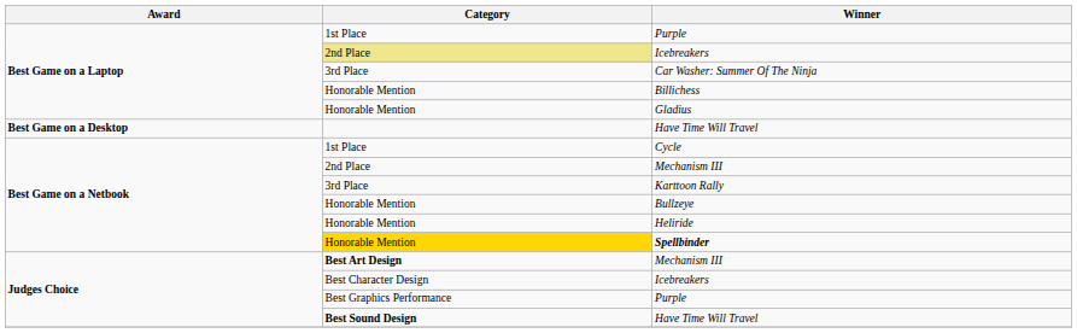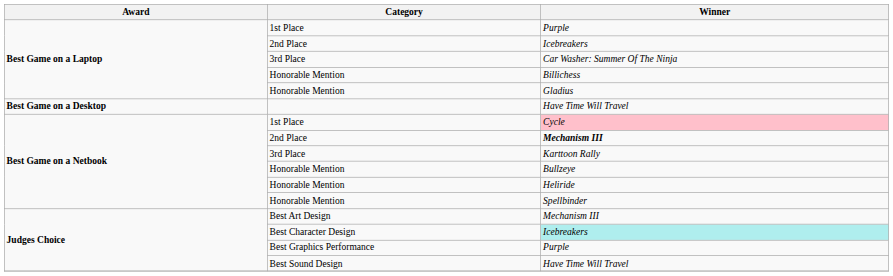 <table class="wikitable" style="font-size:85%;width:100%;">
 <tr>
 <th><strong>Award</strong></th>
 <th><strong>Category</strong></th>
 <th><strong>Winner</strong></th>
 </tr>
 <tr>
 <td rowspan="5"><strong>Best Game on a Laptop</strong></td>
 <td>1st Place</td>
 <td><em>Purple</em></td>
 </tr>
 <tr>
-<td style="background: khaki;">2nd Place</td>
+<td>2nd Place</td>
 <td><em>Icebreakers</em></td>
 </tr>
 <tr>
 <td>3rd Place</td>
 <td><em>Car Washer: Summer Of The Ninja</em></td>
 </tr>
 <tr>
 <td>Honorable Mention</td>
 <td><em>Billichess</em></td>
 </tr>
 <tr>
 <td>Honorable Mention</td>
 <td><em>Gladius</em></td>
 </tr>
 <tr>
 <td><strong>Best Game on a Desktop</strong></td>
 <td></td>
 <td><em>Have Time Will Travel</em></td>
 </tr>
 <tr>
 <td rowspan="6"><strong>Best Game on a Netbook</strong></td>
 <td>1st Place</td>
-<td><em>Cycle</em></td>
+<td style="background: pink;"><em>Cycle</em></td>
 </tr>
 <tr>
 <td>2nd Place</td>
-<td><em>Mechanism III</em></td>
+<td><strong><em>Mechanism III</em></strong></td>
 </tr>
 <tr>
 <td>3rd Place</td>
 <td><em>Karttoon Rally</em></td>
 </tr>
 <tr>
 <td>Honorable Mention</td>
 <td><em>Bullzeye</em></td>
 </tr>
 <tr>
 <td>Honorable Mention</td>
 <td><em>Heliride</em></td>
 </tr>
 <tr>
-<td style="background: gold;">Honorable Mention</td>
-<td><strong><em>Spellbinder</em></strong></td>
+<td>Honorable Mention</td>
+<td><em>Spellbinder</em></td>
 </tr>
 <tr>
 <td rowspan="4"><strong>Judges Choice</strong></td>
-<td><strong>Best Art Design</strong></td>
+<td>Best Art Design</td>
 <td><em>Mechanism III</em></td>
 </tr>
 <tr>
 <td>Best Character Design</td>
-<td><em>Icebreakers</em></td>
+<td style="background: paleturquoise;"><em>Icebreakers</em></td>
 </tr>
 <tr>
 <td>Best Graphics Performance</td>
 <td><em>Purple</em></td>
 </tr>
 <tr>
-<td><strong>Best Sound Design</strong></td>
+<td>Best Sound Design</td>
 <td><em>Have Time Will Travel</em></td>
 </tr>
 <tr>
 </tr>
 </table>
